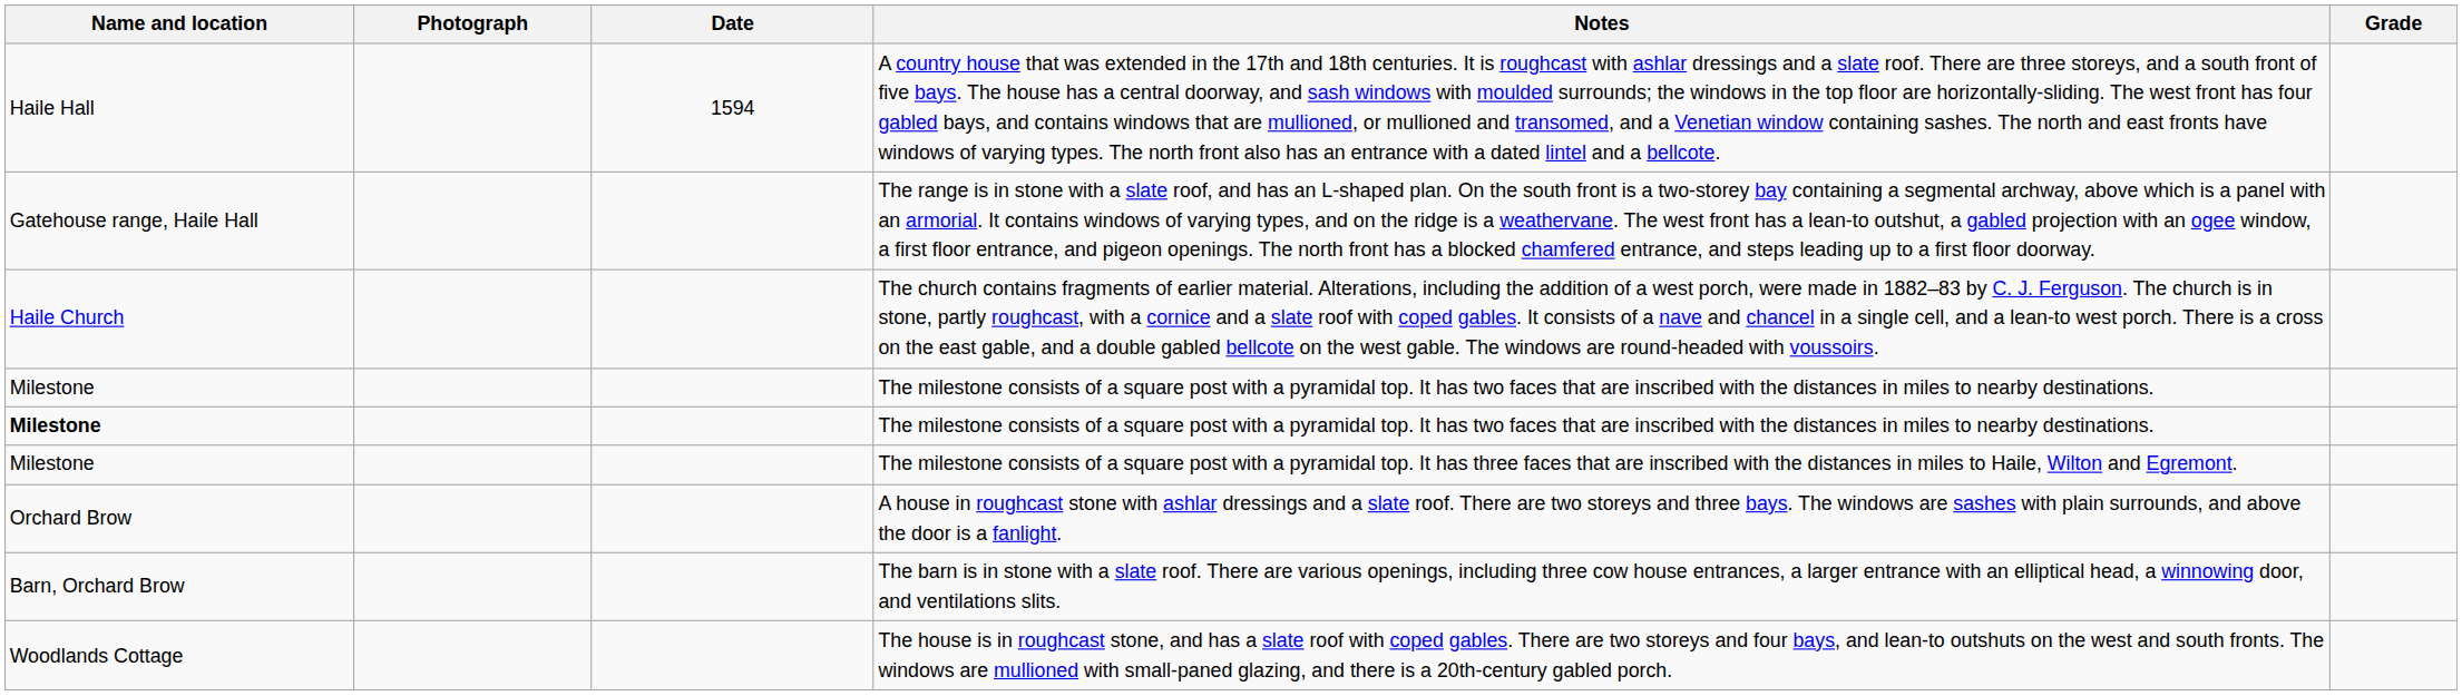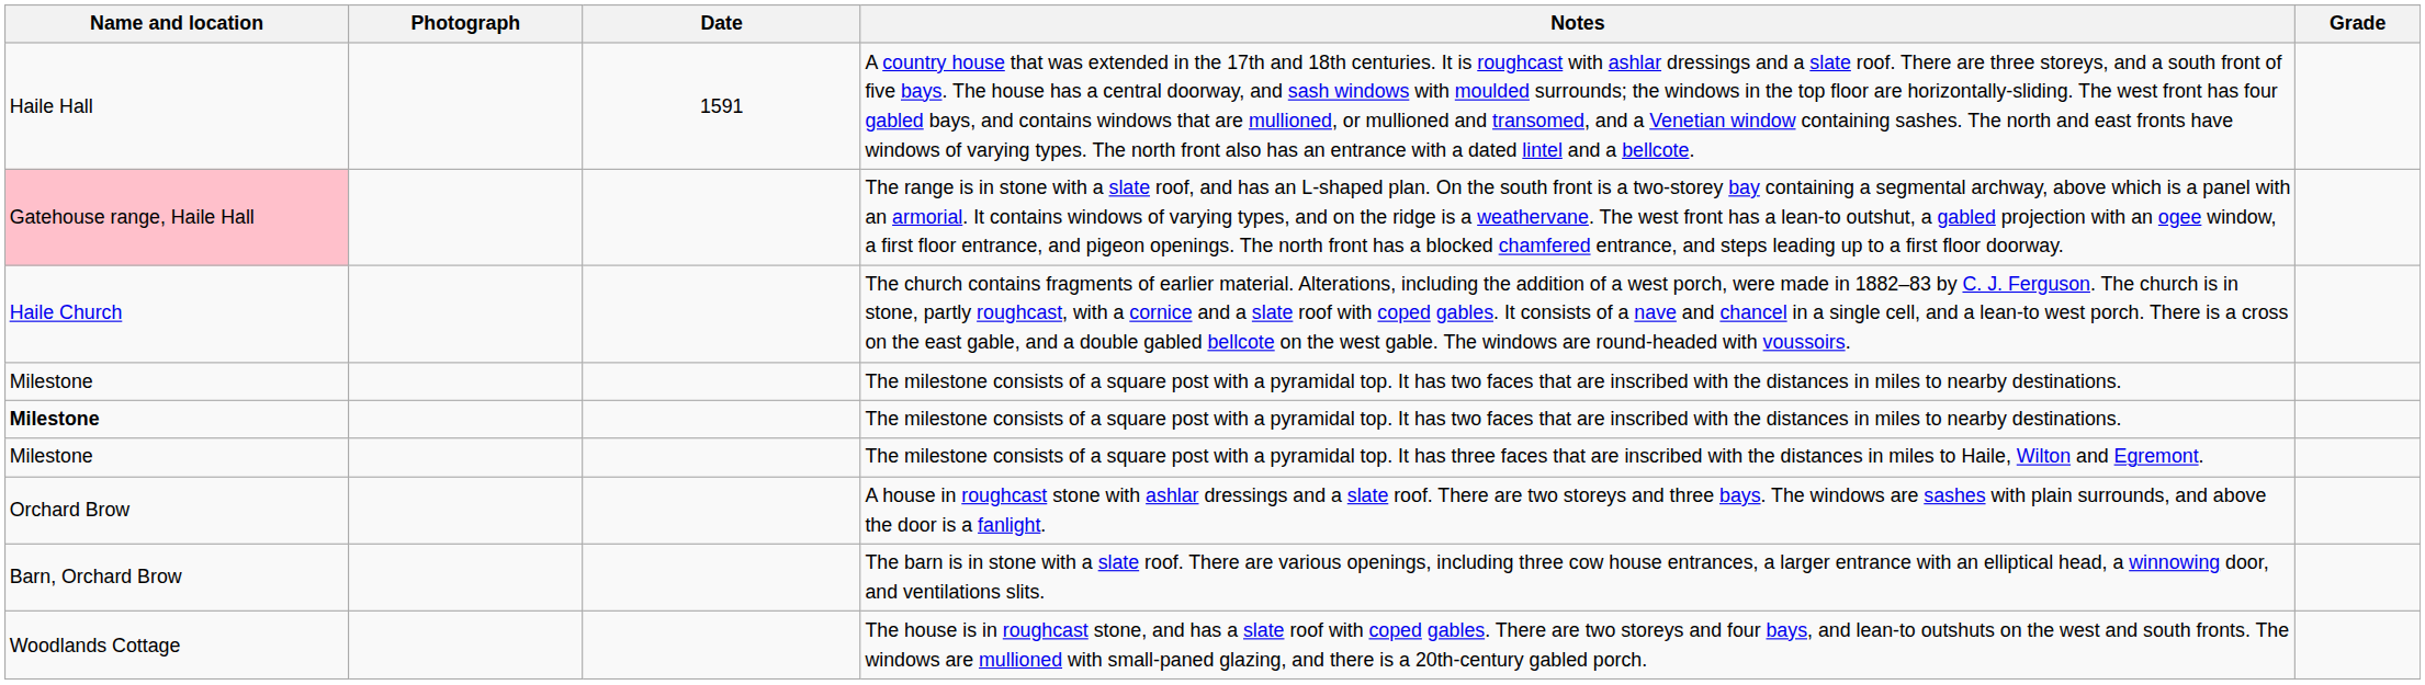 <table class="wikitable sortable plainrowheaders" style="width:100%; border:0; text-align:left; line-height:150%;">
 <tr>
 <th scope="col"  style="width:150px">Name and location</th>
 <th scope="col"  style="width:100px" class="unsortable">Photograph</th>
 <th scope="col"  style="width:120px">Date</th>
 <th scope="col"  style="width:650px" class="unsortable">Notes</th>
 <th scope="col"  style="width:50px">Grade</th>
 </tr>
 <tr>
 <td>Haile Hall<br><small></small></td>
 <td></td>
-<td align="center">1594</td>
+<td align="center">1591</td>
 <td>A <a href='#'>country house</a> that was extended in the 17th and 18th centuries.  It is <a href='#'>roughcast</a> with <a href='#'>ashlar</a> dressings and a <a href='#'>slate</a> roof.  There are three storeys, and a south front of five <a href='#'>bays</a>.  The house has a central doorway, and <a href='#'>sash windows</a> with <a href='#'>moulded</a> surrounds; the windows in the top floor are horizontally-sliding.  The west front has four <a href='#'>gabled</a> bays, and contains windows that are <a href='#'>mullioned</a>, or mullioned and <a href='#'>transomed</a>, and a <a href='#'>Venetian window</a> containing sashes.  The north and east fronts have windows of varying types.  The north front also has an entrance with a dated <a href='#'>lintel</a> and a <a href='#'>bellcote</a>.</td>
 <td align="center" ></td>
 </tr>
 <tr>
-<td>Gatehouse range, Haile Hall<br><small></small></td>
+<td style="background: pink;">Gatehouse range, Haile Hall<br><small></small></td>
 <td></td>
 <td align="center"></td>
 <td>The range is in stone with a <a href='#'>slate</a> roof, and has an L-shaped plan.  On the south front is a two-storey <a href='#'>bay</a> containing a segmental archway, above which is a panel with an <a href='#'>armorial</a>.  It contains windows of varying types, and on the ridge is a <a href='#'>weathervane</a>.  The west front has a lean-to outshut, a <a href='#'>gabled</a> projection with an <a href='#'>ogee</a> window, a first floor entrance, and pigeon openings.  The north front has a blocked <a href='#'>chamfered</a> entrance, and steps leading up to a first floor doorway.</td>
 <td align="center" ></td>
 </tr>
 <tr>
 <td><a href='#'>Haile Church</a><br><small></small></td>
 <td></td>
 <td align="center"></td>
 <td>The church contains fragments of earlier material.  Alterations, including the addition of a west porch, were made in 1882–83 by <a href='#'>C. J. Ferguson</a>.  The church is in stone, partly <a href='#'>roughcast</a>, with a <a href='#'>cornice</a> and a <a href='#'>slate</a> roof with <a href='#'>coped</a> <a href='#'>gables</a>.  It consists of a <a href='#'>nave</a> and <a href='#'>chancel</a> in a single cell, and a lean-to west porch.  There is a cross on the east gable, and a double gabled <a href='#'>bellcote</a> on the west gable.  The windows are round-headed with <a href='#'>voussoirs</a>.</td>
 <td align="center" ></td>
 </tr>
 <tr>
 <td>Milestone<br><small></small></td>
 <td></td>
 <td align="center"></td>
 <td>The milestone consists of a square post with a pyramidal top.  It has two faces that are inscribed with the distances in miles to nearby destinations.</td>
 <td align="center" ></td>
 </tr>
 <tr>
 <td><strong>Milestone<br><small></small></strong></td>
 <td></td>
 <td align="center"></td>
 <td>The milestone consists of a square post with a pyramidal top.  It has two faces that are inscribed with the distances in miles to nearby destinations.</td>
 <td align="center" ></td>
 </tr>
 <tr>
 <td>Milestone<br><small></small></td>
 <td></td>
 <td align="center"></td>
 <td>The milestone consists of a square post with a pyramidal top.  It has three faces that are inscribed with the distances in miles to Haile, <a href='#'>Wilton</a> and <a href='#'>Egremont</a>.</td>
 <td align="center" ></td>
 </tr>
 <tr>
 <td>Orchard Brow<br><small></small></td>
 <td></td>
 <td align="center"></td>
 <td>A house in <a href='#'>roughcast</a> stone with <a href='#'>ashlar</a> dressings and a <a href='#'>slate</a> roof.  There are two storeys and three <a href='#'>bays</a>.  The windows are <a href='#'>sashes</a> with plain surrounds, and above the door is a <a href='#'>fanlight</a>.</td>
 <td align="center" ></td>
 </tr>
 <tr>
 <td>Barn, Orchard Brow<br><small></small></td>
 <td></td>
 <td align="center"></td>
 <td>The barn is in stone with a <a href='#'>slate</a> roof.  There are various openings, including three cow house entrances, a larger entrance with an elliptical head, a <a href='#'>winnowing</a> door, and ventilations slits.</td>
 <td align="center" ></td>
 </tr>
 <tr>
 <td>Woodlands Cottage<br><small></small></td>
 <td></td>
 <td align="center"></td>
 <td>The house is in <a href='#'>roughcast</a> stone, and has a <a href='#'>slate</a> roof with <a href='#'>coped</a> <a href='#'>gables</a>.  There are two storeys and four <a href='#'>bays</a>, and lean-to outshuts on the west and south fronts.  The windows are <a href='#'>mullioned</a> with small-paned glazing, and there is a 20th-century gabled porch.</td>
 <td align="center" ></td>
 </tr>
 <tr>
 </tr>
 </table>
